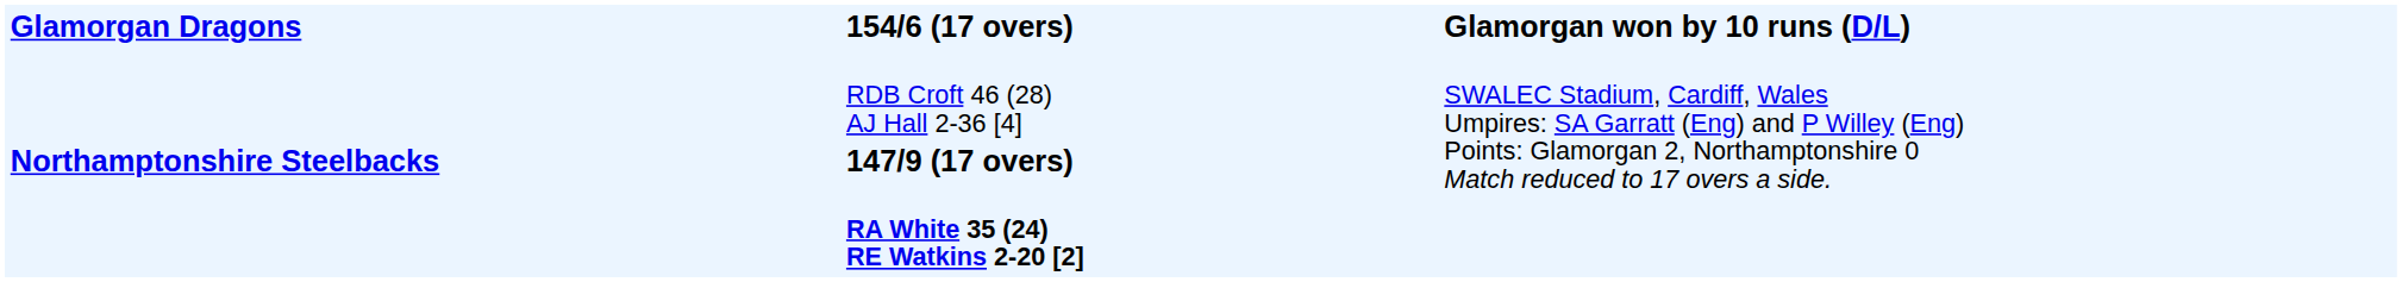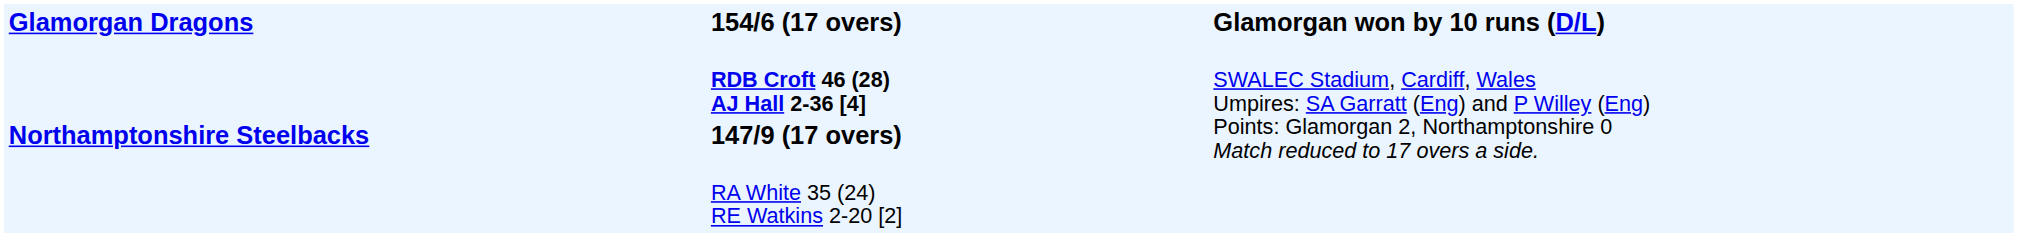 <table style="width:100%; background:#ebf5ff;">
 <tr>
 <td style="width:35%; vertical-align:top;" rowspan="2"><strong><a href='#'>Glamorgan Dragons</a></strong></td>
 <td style="width:25%;"><strong>154/6 (17 overs)</strong></td>
 <td style="width:40%;"><strong>Glamorgan won by 10 runs (<a href='#'>D/L</a>)</strong></td>
 </tr>
 <tr>
-<td style="font-size: 85%;"><br><a href='#'>RDB Croft</a> 46 (28)<br> <a href='#'>AJ Hall</a> 2-36 [4]</td>
+<td style="font-size: 85%;"><strong><br><a href='#'>RDB Croft</a> 46 (28)<br> <a href='#'>AJ Hall</a> 2-36 [4]</strong></td>
 <td style="vertical-align:top; font-size:85%;" rowspan="3"><br><a href='#'>SWALEC Stadium</a>, <a href='#'>Cardiff</a>, <a href='#'>Wales</a><br> Umpires: <a href='#'>SA Garratt</a> (<a href='#'>Eng</a>) and <a href='#'>P Willey</a> (<a href='#'>Eng</a>)<br> Points: Glamorgan 2, Northamptonshire 0<br><em>Match reduced to 17 overs a side.</em></td>
 </tr>
 <tr>
 <td style="vertical-align:top;" rowspan="2"><strong><a href='#'>Northamptonshire Steelbacks</a></strong></td>
 <td><strong>147/9 (17 overs)</strong></td>
 </tr>
 <tr>
-<td style="font-size: 85%;"><strong><br><a href='#'>RA White</a> 35 (24)<br> <a href='#'>RE Watkins</a> 2-20 [2]</strong></td>
+<td style="font-size: 85%;"><br><a href='#'>RA White</a> 35 (24)<br> <a href='#'>RE Watkins</a> 2-20 [2]</td>
 </tr>
 </table>
